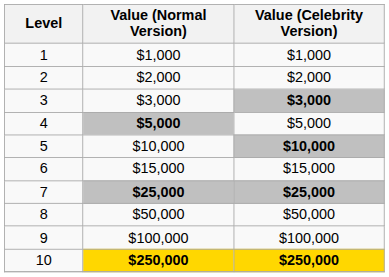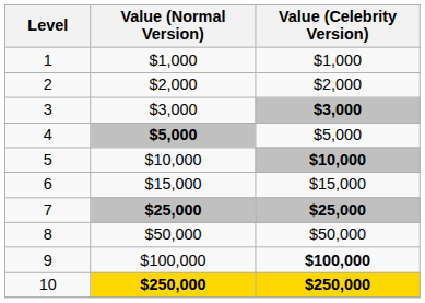 <table class="wikitable" style="text-align:center;">
 <tr>
 <th style="width:5em;">Level</th>
 <th style="width:10em;">Value (Normal Version)</th>
 <th style="width:10em;">Value (Celebrity Version)</th>
 </tr>
 <tr>
 <td>1</td>
 <td>$1,000</td>
 <td>$1,000</td>
 </tr>
 <tr>
 <td>2</td>
 <td>$2,000</td>
 <td>$2,000</td>
 </tr>
 <tr>
 <td>3</td>
 <td>$3,000</td>
 <td style="text-align:center; background:silver;"><strong>$3,000</strong></td>
 </tr>
 <tr>
 <td>4</td>
 <td style="text-align:center; background:silver;"><strong>$5,000</strong></td>
 <td>$5,000</td>
 </tr>
 <tr>
 <td>5</td>
 <td>$10,000</td>
 <td style="text-align:center; background:silver;"><strong>$10,000</strong></td>
 </tr>
 <tr>
 <td>6</td>
 <td>$15,000</td>
 <td>$15,000</td>
 </tr>
 <tr>
 <td>7</td>
 <td style="text-align:center; background:silver;"><strong>$25,000</strong></td>
 <td style="text-align:center; background:silver;"><strong>$25,000</strong></td>
 </tr>
 <tr>
 <td>8</td>
 <td>$50,000</td>
 <td>$50,000</td>
 </tr>
 <tr>
 <td>9</td>
 <td>$100,000</td>
-<td>$100,000</td>
+<td><strong>$100,000</strong></td>
 </tr>
 <tr>
 <td>10</td>
 <td style="text-align:center; background:gold;"><strong>$250,000</strong></td>
 <td style="text-align:center; background:gold;"><strong>$250,000</strong></td>
 </tr>
 <tr>
 </tr>
 </table>
